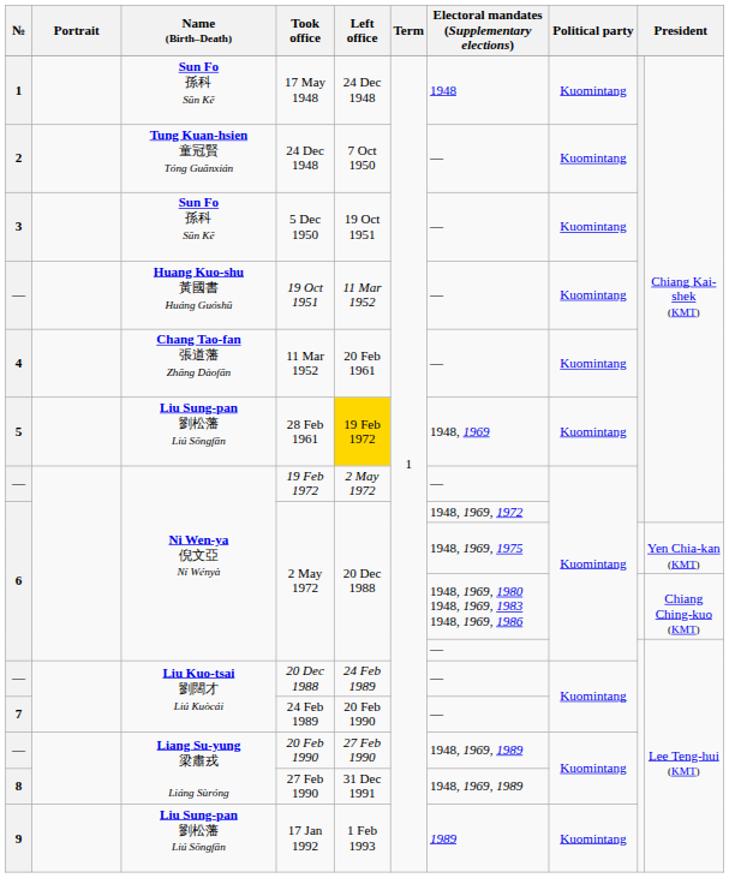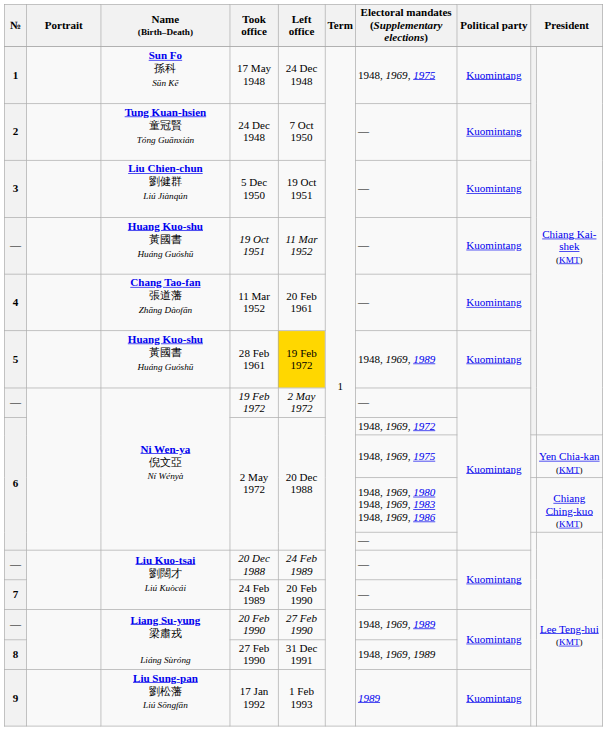 <table class=wikitable style="text-align:center;">
 <tr>
 <th style="width:25px;">№</th>
 <th style="width:100px;">Portrait</th>
 <th width=180px>Name<br><small>(Birth–Death)</small></th>
 <th>Took office</th>
 <th>Left office</th>
 <th style="width:25px;">Term</th>
 <th width="width:150px">Electoral mandates<br>(<em>Supplementary elections</em>)</th>
 <th style="width:100px;">Political party</th>
 <th colspan=2 width="width:200px">President</th>
 </tr>
 <tr>
 </tr>
 <tr>
 <th style="background:">1</th>
 <td></td>
 <td align=center><strong><a href='#'>Sun Fo</a></strong><br><span>孫科</span><br><small><em>Sūn Kē</em></small><br><br></td>
 <td>17 May 1948</td>
 <td>24 Dec 1948</td>
 <td rowspan=16>1</td>
-<td align=left><a href='#'>1948</a></td>
+<td align=left>1948, <em>1969</em>, <em><a href='#'>1975</a></em></td>
 <td><a href='#'>Kuomintang</a></td>
 <th rowspan=8 style="background:"></th>
 <td rowspan=8><br><a href='#'>Chiang Kai-shek</a><br><small>(<a href='#'>KMT</a>)</small></td>
 </tr>
 <tr>
 <th style="background:">2</th>
 <td></td>
 <td align=center><strong><a href='#'>Tung Kuan-hsien</a></strong><br><span>童冠賢</span><br><small><em>Tóng Guānxián</em></small><br><br></td>
 <td>24 Dec 1948</td>
 <td>7 Oct 1950</td>
 <td align=left>—</td>
 <td><a href='#'>Kuomintang</a></td>
 </tr>
 <tr>
 <th style="background:">3</th>
 <td></td>
-<td align=center><strong><a href='#'>Sun Fo</a></strong><br><span>孫科</span><br><small><em>Sūn Kē</em></small><br><br></td>
+<td align=center><strong><a href='#'>Liu Chien-chun</a></strong><br><span>劉健群</span><br><small><em>Liú Jiànqún</em></small><br><br></td>
 <td>5 Dec 1950</td>
 <td>19 Oct 1951</td>
 <td align=left>—</td>
 <td><a href='#'>Kuomintang</a></td>
 </tr>
 <tr>
 <th style="background:">—</th>
 <td></td>
 <td align=center><strong><a href='#'>Huang Kuo-shu</a></strong><br><span>黃國書</span><br><small><em>Huáng Guóshū</em></small><br><br></td>
 <td><em>19 Oct 1951</em></td>
 <td><em>11 Mar 1952</em></td>
 <td align=left>—</td>
 <td><a href='#'>Kuomintang</a></td>
 </tr>
 <tr>
 <th style="background:">4</th>
 <td></td>
 <td align=center><strong><a href='#'>Chang Tao-fan</a></strong><br><span>張道藩</span><br><small><em>Zhāng Dàofān</em></small><br><br></td>
 <td>11 Mar 1952</td>
 <td>20 Feb 1961</td>
 <td align=left>—</td>
 <td><a href='#'>Kuomintang</a></td>
 </tr>
 <tr>
 <th style="background:">5</th>
 <td></td>
-<td align=center><strong><a href='#'>Liu Sung-pan</a></strong><br><span>劉松藩</span><br><small><em>Liú Sōngfān</em></small><br><br></td>
+<td align=center><strong><a href='#'>Huang Kuo-shu</a></strong><br><span>黃國書</span><br><small><em>Huáng Guóshū</em></small><br><br></td>
 <td>28 Feb 1961</td>
 <td style="background: gold;">19 Feb 1972</td>
-<td align=left>1948, <em><a href='#'>1969</a></em></td>
+<td align=left>1948, <em>1969</em>, <em><a href='#'>1989</a></em></td>
 <td><a href='#'>Kuomintang</a></td>
 </tr>
 <tr>
 <th style="background:">—</th>
 <td rowspan=5></td>
 <td rowspan=5 align=center><strong><a href='#'>Ni Wen-ya</a></strong><br><span>倪文亞</span><br><small><em>Ní Wényà</em></small><br><br></td>
 <td><em>19 Feb 1972</em></td>
 <td><em>2 May 1972</em></td>
 <td align=left>—</td>
 <td rowspan=5><a href='#'>Kuomintang</a></td>
 </tr>
 <tr>
 <th rowspan=4 style="background:">6</th>
 <td rowspan=4>2 May 1972</td>
 <td rowspan=4>20 Dec 1988</td>
 <td align=left>1948, <em>1969</em>, <em><a href='#'>1972</a></em></td>
 </tr>
 <tr>
 <td align=left>1948, <em>1969</em>, <em><a href='#'>1975</a></em></td>
 <td style="background:"></td>
 <td><br><a href='#'>Yen Chia-kan</a><br><small>(<a href='#'>KMT</a>)</small></td>
 </tr>
 <tr>
 <td align=left>1948, <em>1969</em>, <em><a href='#'>1980</a></em><br>1948, <em>1969</em>, <em><a href='#'>1983</a></em><br>1948, <em>1969</em>, <em><a href='#'>1986</a></em></td>
 <td style="background:"></td>
 <td><br><a href='#'>Chiang Ching-kuo</a><br><small>(<a href='#'>KMT</a>)</small></td>
 </tr>
 <tr>
 <td align=left>—</td>
 <td rowspan=6 style="background:"></td>
 <td rowspan=6><br><a href='#'>Lee Teng-hui</a><br><small>(<a href='#'>KMT</a>)</small></td>
 </tr>
 <tr>
 <th style="background:">—</th>
 <td rowspan=2></td>
 <td rowspan=2 align=center><strong><a href='#'>Liu Kuo-tsai</a></strong><br><span>劉闊才</span><br><small><em>Liú Kuòcái</em></small><br><br></td>
 <td><em>20 Dec 1988</em></td>
 <td><em>24 Feb 1989</em></td>
 <td align=left>—</td>
 <td rowspan=2><a href='#'>Kuomintang</a></td>
 </tr>
 <tr>
 <th style="background:">7</th>
 <td>24 Feb 1989</td>
 <td>20 Feb 1990</td>
 <td align=left>—</td>
 </tr>
 <tr>
 <th style="background:">—</th>
 <td rowspan=2></td>
 <td rowspan=2 align=center><strong><a href='#'>Liang Su-yung</a></strong><br><span>梁肅戎</span><br><br><small><em>Liáng Sùróng</em></small><br></td>
 <td><em>20 Feb 1990</em></td>
 <td><em>27 Feb 1990</em></td>
 <td align=left>1948, <em>1969</em>, <em><a href='#'>1989</a></em></td>
 <td rowspan=2><a href='#'>Kuomintang</a></td>
 </tr>
 <tr>
 <th style="background:">8</th>
 <td>27 Feb 1990</td>
 <td>31 Dec 1991</td>
 <td align=left>1948, <em>1969</em>, <em>1989</em></td>
 </tr>
 <tr>
 <th style="background:">9</th>
 <td></td>
 <td align=center><strong><a href='#'>Liu Sung-pan</a></strong><br><span>劉松藩</span><br><small><em>Liú Sōngfān</em></small><br><br></td>
 <td>17 Jan 1992</td>
 <td>1 Feb 1993</td>
 <td align=left><em><a href='#'>1989</a></em></td>
 <td><a href='#'>Kuomintang</a></td>
 </tr>
 </table>
